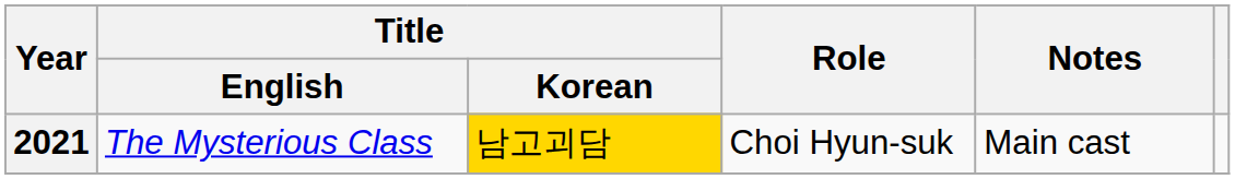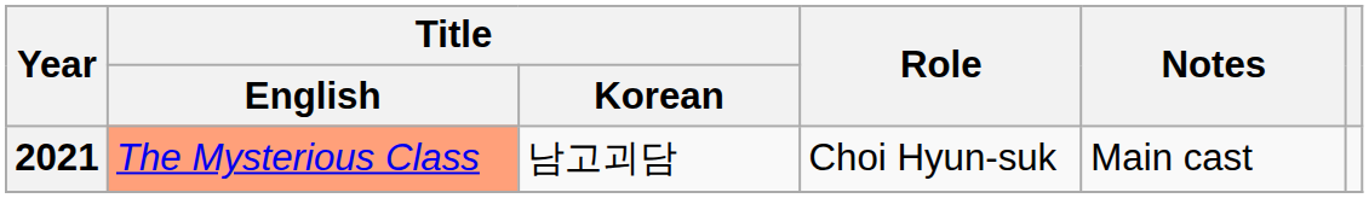 <table class="wikitable sortable plainrowheaders">
 <tr>
 <th scope="col" rowspan="2">Year</th>
 <th scope="col" colspan="2">Title</th>
 <th scope="col" rowspan="2" style="width:7em;">Role</th>
 <th scope="col" rowspan="2" style="width:6.5em;">Notes</th>
 <th scope="col" rowspan="2" class="unsortable"></th>
 </tr>
 <tr>
 <th scope="col" style="width:10.4em;">English</th>
 <th scope="col" style="width:7em;">Korean</th>
 </tr>
 <tr>
 <th scope="row">2021</th>
-<td><em><a href='#'>The Mysterious Class</a></em></td>
-<td style="background: gold;">남고괴담</td>
+<td style="background: lightsalmon;"><em><a href='#'>The Mysterious Class</a></em></td>
+<td>남고괴담</td>
 <td>Choi Hyun-suk</td>
 <td>Main cast</td>
 <td style="text-align:center"></td>
 </tr>
 <tr>
 </tr>
 </table>
